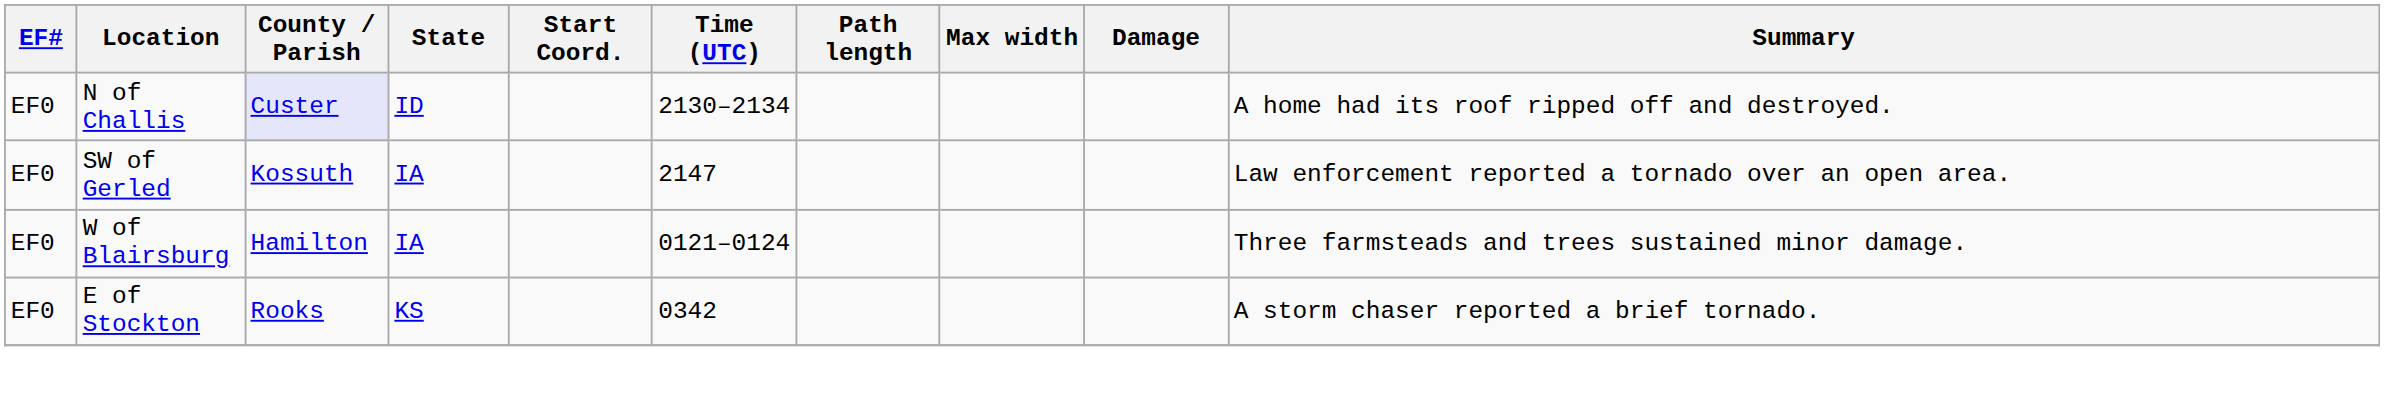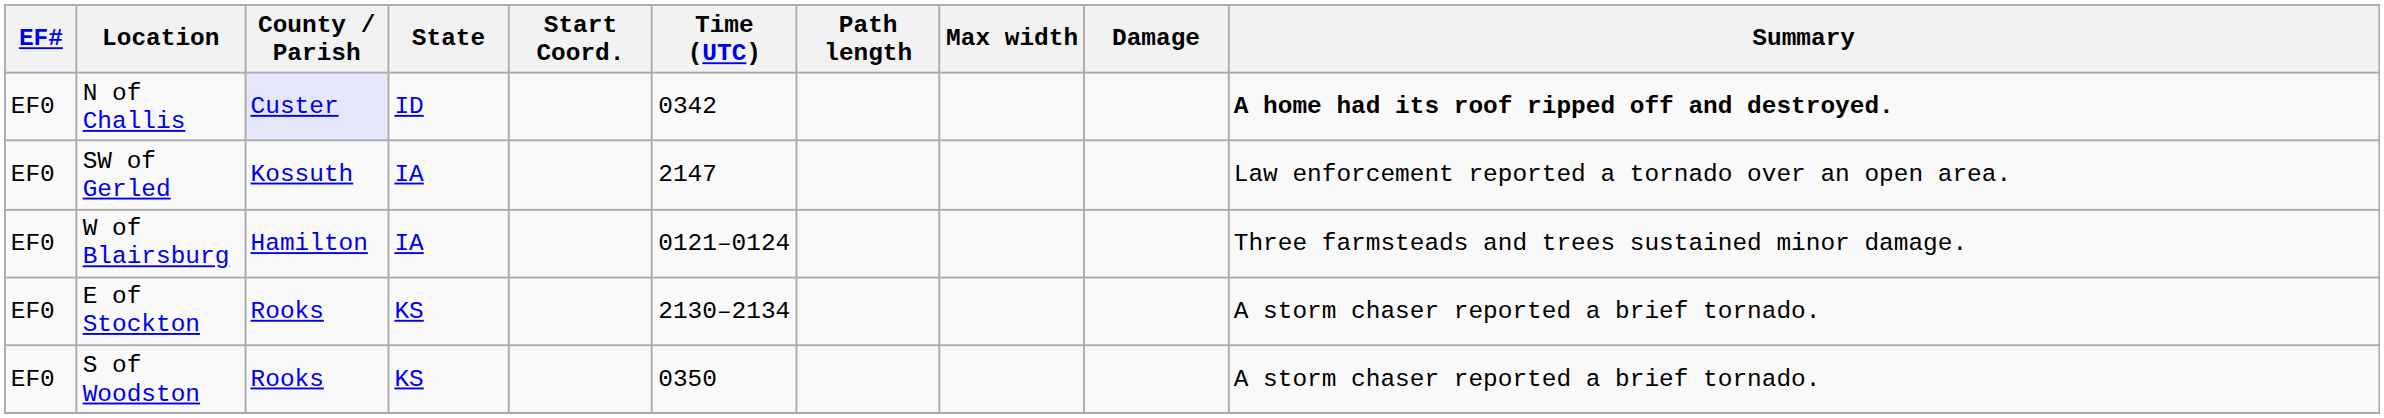 <table class="wikitable sortable" style="width:100%;">
 <tr>
 <th scope="col" width="3%" align="center"><a href='#'>EF#</a></th>
 <th scope="col" width="7%" align="center" class="unsortable">Location</th>
 <th scope="col" width="6%" align="center" class="unsortable">County / Parish</th>
 <th scope="col" width="5%" align="center">State</th>
 <th scope="col" width="6%" align="center">Start Coord.</th>
 <th scope="col" width="6%" align="center">Time (<a href='#'>UTC</a>)</th>
 <th scope="col" width="6%" align="center">Path length</th>
 <th scope="col" width="6%" align="center">Max width</th>
 <th scope="col" width="6%" align="center">Damage</th>
 <th scope="col" width="48%" class="unsortable" align="center">Summary</th>
 </tr>
 <tr>
 <td>EF0</td>
 <td>N of <a href='#'>Challis</a></td>
 <td style="background: lavender;"><a href='#'>Custer</a></td>
 <td><a href='#'>ID</a></td>
 <td></td>
-<td>2130–2134</td>
+<td>0342</td>
 <td></td>
 <td></td>
 <td></td>
-<td>A home had its roof ripped off and destroyed.</td>
+<td><strong>A home had its roof ripped off and destroyed.</strong></td>
 </tr>
 <tr>
 <td>EF0</td>
 <td>SW of <a href='#'>Gerled</a></td>
 <td><a href='#'>Kossuth</a></td>
 <td><a href='#'>IA</a></td>
 <td></td>
 <td>2147</td>
 <td></td>
 <td></td>
 <td></td>
 <td>Law enforcement reported a tornado over an open area.</td>
 </tr>
 <tr>
 <td>EF0</td>
 <td>W of <a href='#'>Blairsburg</a></td>
 <td><a href='#'>Hamilton</a></td>
 <td><a href='#'>IA</a></td>
 <td></td>
 <td>0121–0124</td>
 <td></td>
 <td></td>
 <td></td>
 <td>Three farmsteads and trees sustained minor damage.</td>
 </tr>
 <tr>
 <td>EF0</td>
 <td>E of <a href='#'>Stockton</a></td>
 <td><a href='#'>Rooks</a></td>
 <td><a href='#'>KS</a></td>
 <td></td>
-<td>0342</td>
+<td>2130–2134</td>
+<td></td>
+<td></td>
+<td></td>
+<td>A storm chaser reported a brief tornado.</td>
+</tr>
+<tr>
+<td>EF0</td>
+<td>S of <a href='#'>Woodston</a></td>
+<td><a href='#'>Rooks</a></td>
+<td><a href='#'>KS</a></td>
+<td></td>
+<td>0350</td>
 <td></td>
 <td></td>
 <td></td>
 <td>A storm chaser reported a brief tornado.</td>
 </tr>
 <tr>
 </tr>
 </table>
